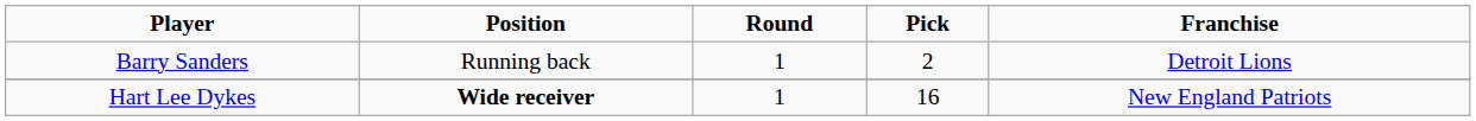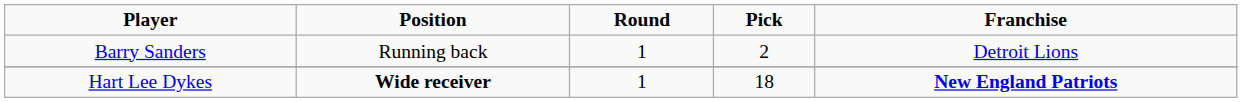 <table class="wikitable" width="80%">
 <tr align="center">
 <td><strong>Player</strong></td>
 <td><strong>Position</strong></td>
 <td><strong>Round</strong></td>
 <td><strong>Pick</strong></td>
 <td><strong>Franchise</strong></td>
 </tr>
 <tr align="center" bgcolor="">
 <td><a href='#'>Barry Sanders</a></td>
 <td>Running back</td>
 <td>1</td>
 <td>2</td>
 <td><a href='#'>Detroit Lions</a></td>
 </tr>
 <tr align="center" bgcolor="">
 </tr>
 <tr align="center" bgcolor="">
 <td><a href='#'>Hart Lee Dykes</a></td>
 <td><strong>Wide receiver</strong></td>
 <td>1</td>
-<td>16</td>
-<td><a href='#'>New England Patriots</a></td>
+<td>18</td>
+<td><strong><a href='#'>New England Patriots</a></strong></td>
 </tr>
 </table>
